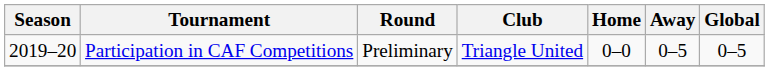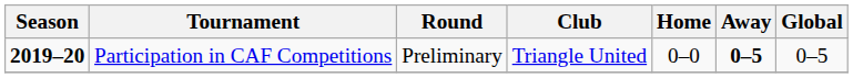 <table class=wikitable>
 <tr>
 <th>Season</th>
 <th>Tournament</th>
 <th>Round</th>
 <th>Club</th>
 <th>Home</th>
 <th>Away</th>
 <th>Global</th>
 </tr>
 <tr>
-<td>2019–20</td>
+<td><strong>2019–20</strong></td>
 <td><a href='#'>Participation in CAF Competitions</a></td>
 <td>Preliminary</td>
 <td> <a href='#'>Triangle United</a></td>
 <td align=center>0–0</td>
-<td align=center>0–5</td>
+<td align=center><strong>0–5</strong></td>
 <td align=center>0–5</td>
 </tr>
 <tr>
 </tr>
 </table>
